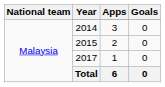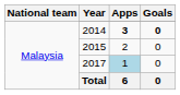 <table class="wikitable" style="text-align: center;">
 <tr>
 <th>National team</th>
 <th>Year</th>
 <th>Apps</th>
 <th>Goals</th>
 </tr>
 <tr>
 <td rowspan="5"><a href='#'>Malaysia</a></td>
 </tr>
 <tr>
 <td>2014</td>
-<td>3</td>
-<td>0</td>
+<td><strong>3</strong></td>
+<td><strong>0</strong></td>
 </tr>
 <tr>
 <td>2015</td>
 <td>2</td>
 <td>0</td>
 </tr>
 <tr>
 <td>2017</td>
-<td>1</td>
+<td style="background: lightblue;">1</td>
 <td>0</td>
 </tr>
 <tr>
 <th>Total</th>
 <th>6</th>
 <th>0</th>
 </tr>
 </table>
